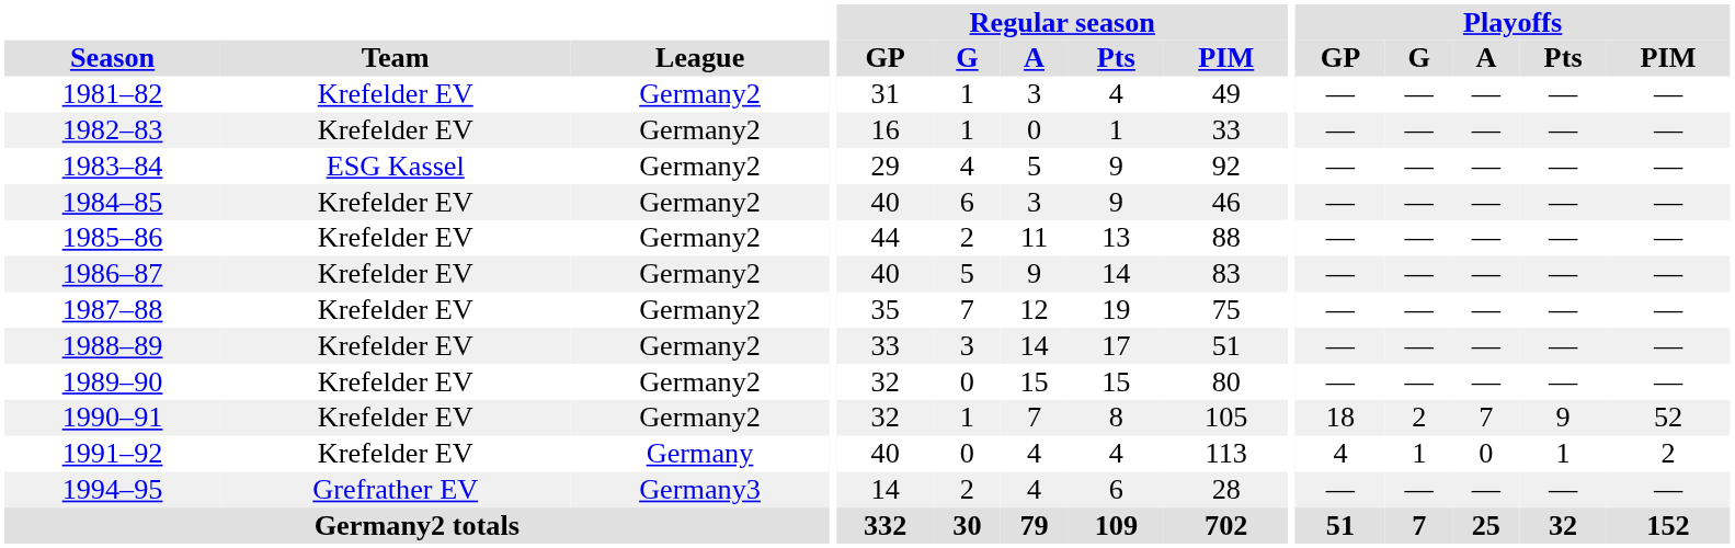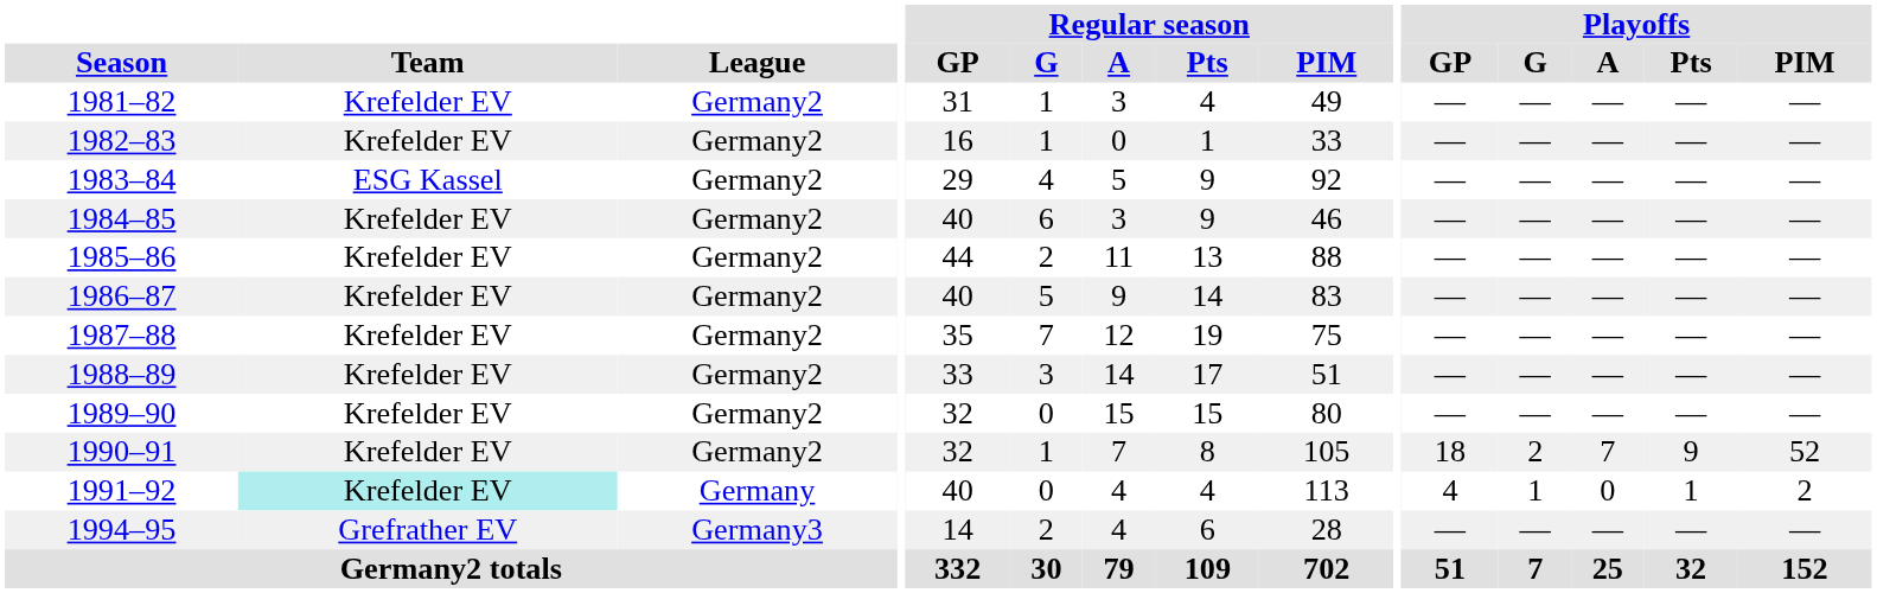 <table border="0" cellpadding="1" cellspacing="0" style="text-align:center; width:60em">
 <tr bgcolor="#e0e0e0">
 <th colspan="3" bgcolor="#ffffff"></th>
 <th rowspan="99" bgcolor="#ffffff"></th>
 <th colspan="5"><a href='#'>Regular season</a></th>
 <th rowspan="99" bgcolor="#ffffff"></th>
 <th colspan="5"><a href='#'>Playoffs</a></th>
 </tr>
 <tr bgcolor="#e0e0e0">
 <th><a href='#'>Season</a></th>
 <th>Team</th>
 <th>League</th>
 <th>GP</th>
 <th><a href='#'>G</a></th>
 <th><a href='#'>A</a></th>
 <th><a href='#'>Pts</a></th>
 <th><a href='#'>PIM</a></th>
 <th>GP</th>
 <th>G</th>
 <th>A</th>
 <th>Pts</th>
 <th>PIM</th>
 </tr>
 <tr>
 <td><a href='#'>1981–82</a></td>
 <td><a href='#'>Krefelder EV</a></td>
 <td><a href='#'>Germany2</a></td>
 <td>31</td>
 <td>1</td>
 <td>3</td>
 <td>4</td>
 <td>49</td>
 <td>—</td>
 <td>—</td>
 <td>—</td>
 <td>—</td>
 <td>—</td>
 </tr>
 <tr bgcolor="#f0f0f0">
 <td><a href='#'>1982–83</a></td>
 <td>Krefelder EV</td>
 <td>Germany2</td>
 <td>16</td>
 <td>1</td>
 <td>0</td>
 <td>1</td>
 <td>33</td>
 <td>—</td>
 <td>—</td>
 <td>—</td>
 <td>—</td>
 <td>—</td>
 </tr>
 <tr>
 <td><a href='#'>1983–84</a></td>
 <td><a href='#'>ESG Kassel</a></td>
 <td>Germany2</td>
 <td>29</td>
 <td>4</td>
 <td>5</td>
 <td>9</td>
 <td>92</td>
 <td>—</td>
 <td>—</td>
 <td>—</td>
 <td>—</td>
 <td>—</td>
 </tr>
 <tr bgcolor="#f0f0f0">
 <td><a href='#'>1984–85</a></td>
 <td>Krefelder EV</td>
 <td>Germany2</td>
 <td>40</td>
 <td>6</td>
 <td>3</td>
 <td>9</td>
 <td>46</td>
 <td>—</td>
 <td>—</td>
 <td>—</td>
 <td>—</td>
 <td>—</td>
 </tr>
 <tr>
 <td><a href='#'>1985–86</a></td>
 <td>Krefelder EV</td>
 <td>Germany2</td>
 <td>44</td>
 <td>2</td>
 <td>11</td>
 <td>13</td>
 <td>88</td>
 <td>—</td>
 <td>—</td>
 <td>—</td>
 <td>—</td>
 <td>—</td>
 </tr>
 <tr bgcolor="#f0f0f0">
 <td><a href='#'>1986–87</a></td>
 <td>Krefelder EV</td>
 <td>Germany2</td>
 <td>40</td>
 <td>5</td>
 <td>9</td>
 <td>14</td>
 <td>83</td>
 <td>—</td>
 <td>—</td>
 <td>—</td>
 <td>—</td>
 <td>—</td>
 </tr>
 <tr>
 <td><a href='#'>1987–88</a></td>
 <td>Krefelder EV</td>
 <td>Germany2</td>
 <td>35</td>
 <td>7</td>
 <td>12</td>
 <td>19</td>
 <td>75</td>
 <td>—</td>
 <td>—</td>
 <td>—</td>
 <td>—</td>
 <td>—</td>
 </tr>
 <tr bgcolor="#f0f0f0">
 <td><a href='#'>1988–89</a></td>
 <td>Krefelder EV</td>
 <td>Germany2</td>
 <td>33</td>
 <td>3</td>
 <td>14</td>
 <td>17</td>
 <td>51</td>
 <td>—</td>
 <td>—</td>
 <td>—</td>
 <td>—</td>
 <td>—</td>
 </tr>
 <tr>
 <td><a href='#'>1989–90</a></td>
 <td>Krefelder EV</td>
 <td>Germany2</td>
 <td>32</td>
 <td>0</td>
 <td>15</td>
 <td>15</td>
 <td>80</td>
 <td>—</td>
 <td>—</td>
 <td>—</td>
 <td>—</td>
 <td>—</td>
 </tr>
 <tr bgcolor="#f0f0f0">
 <td><a href='#'>1990–91</a></td>
 <td>Krefelder EV</td>
 <td>Germany2</td>
 <td>32</td>
 <td>1</td>
 <td>7</td>
 <td>8</td>
 <td>105</td>
 <td>18</td>
 <td>2</td>
 <td>7</td>
 <td>9</td>
 <td>52</td>
 </tr>
 <tr>
 <td><a href='#'>1991–92</a></td>
-<td>Krefelder EV</td>
+<td style="background: paleturquoise;">Krefelder EV</td>
 <td><a href='#'>Germany</a></td>
 <td>40</td>
 <td>0</td>
 <td>4</td>
 <td>4</td>
 <td>113</td>
 <td>4</td>
 <td>1</td>
 <td>0</td>
 <td>1</td>
 <td>2</td>
 </tr>
 <tr bgcolor="#f0f0f0">
 <td><a href='#'>1994–95</a></td>
 <td><a href='#'>Grefrather EV</a></td>
 <td><a href='#'>Germany3</a></td>
 <td>14</td>
 <td>2</td>
 <td>4</td>
 <td>6</td>
 <td>28</td>
 <td>—</td>
 <td>—</td>
 <td>—</td>
 <td>—</td>
 <td>—</td>
 </tr>
 <tr>
 </tr>
 <tr ALIGN="center" bgcolor="#e0e0e0">
 <th colspan="3">Germany2 totals</th>
 <th ALIGN="center">332</th>
 <th ALIGN="center">30</th>
 <th ALIGN="center">79</th>
 <th ALIGN="center">109</th>
 <th ALIGN="center">702</th>
 <th ALIGN="center">51</th>
 <th ALIGN="center">7</th>
 <th ALIGN="center">25</th>
 <th ALIGN="center">32</th>
 <th ALIGN="center">152</th>
 </tr>
 </table>
